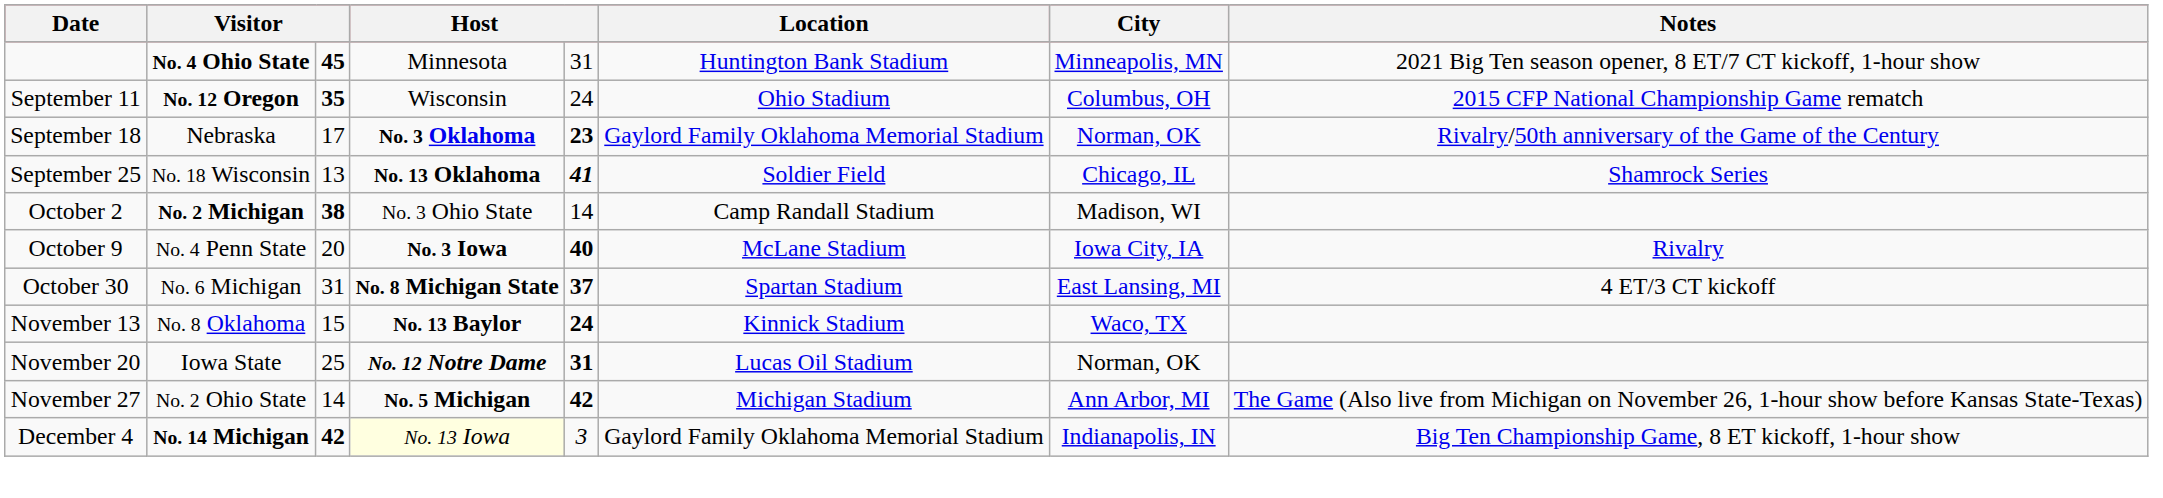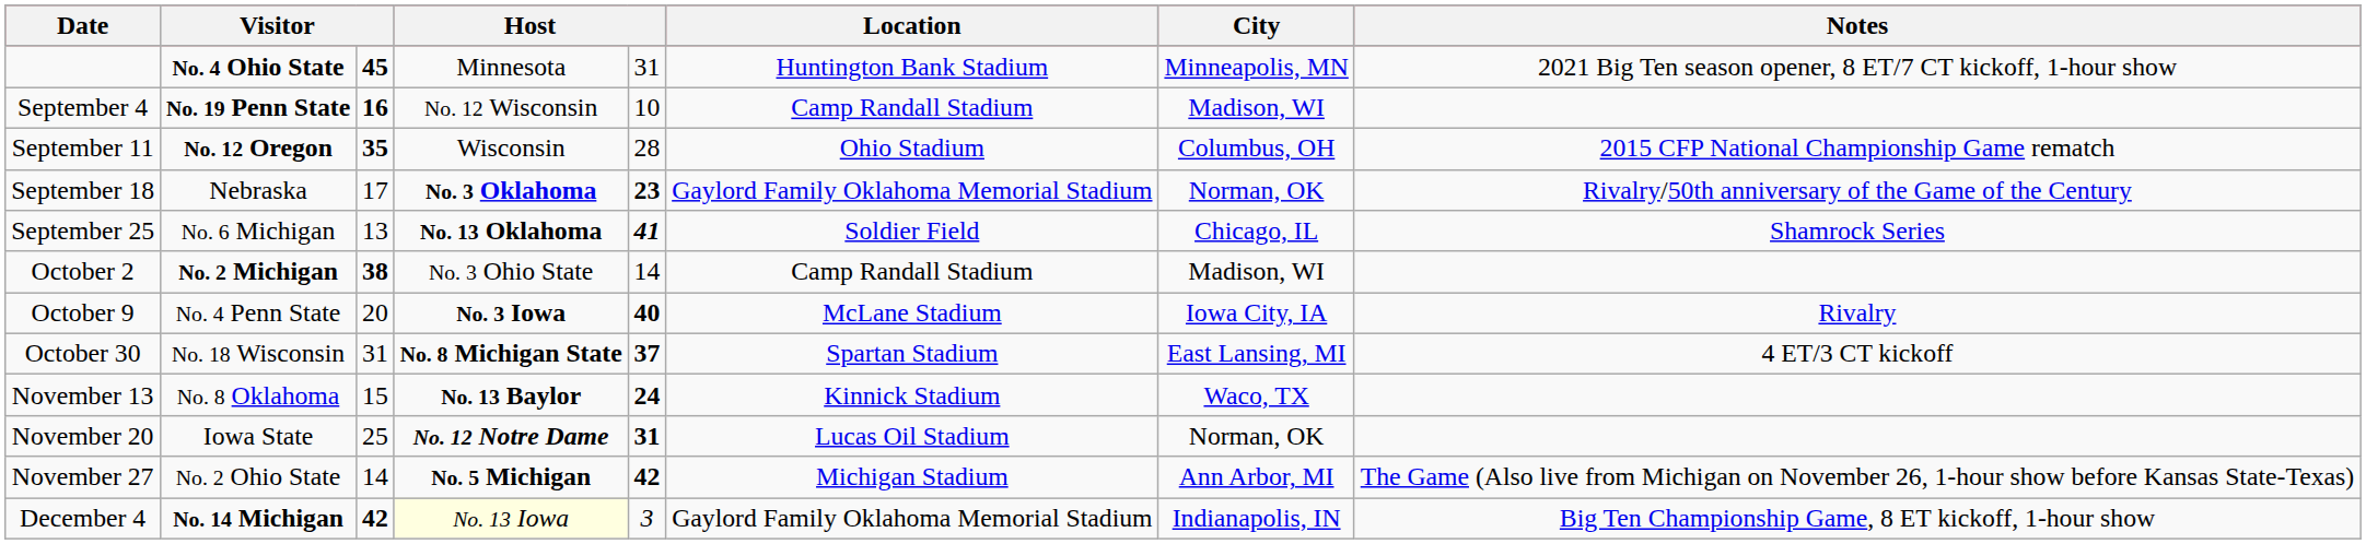 <table class="wikitable" style="text-align:center">
 <tr style="background:#A32638;"|>
 <th>Date</th>
 <th colspan=2>Visitor</th>
 <th colspan=2>Host</th>
 <th>Location</th>
 <th>City</th>
 <th>Notes</th>
 </tr>
 <tr>
 <td></td>
 <td><strong><small>No. 4</small> Ohio State</strong></td>
 <td><strong>45</strong></td>
 <td>Minnesota</td>
 <td>31</td>
 <td><a href='#'>Huntington Bank Stadium</a></td>
 <td><a href='#'>Minneapolis, MN</a></td>
 <td>2021 Big Ten season opener, 8 ET/7 CT  kickoff, 1-hour show</td>
 </tr>
 <tr>
+<td>September 4</td>
+<td><strong><small>No. 19</small> Penn State</strong></td>
+<td><strong>16</strong></td>
+<td><small>No. 12</small> Wisconsin</td>
+<td>10</td>
+<td><a href='#'>Camp Randall Stadium</a></td>
+<td><a href='#'>Madison, WI</a></td>
+<td></td>
+</tr>
+<tr>
 <td>September 11</td>
 <td><strong><small>No. 12</small> Oregon</strong></td>
 <td><strong>35</strong></td>
 <td>Wisconsin</td>
-<td>24</td>
+<td>28</td>
 <td><a href='#'>Ohio Stadium</a></td>
 <td><a href='#'>Columbus, OH</a></td>
 <td><a href='#'>2015 CFP National Championship Game</a> rematch</td>
 </tr>
 <tr>
 <td>September 18</td>
 <td>Nebraska</td>
 <td>17</td>
 <td><strong><small>No. 3</small> <a href='#'><span>Oklahoma</span></a></strong></td>
 <td><strong>23</strong></td>
 <td><a href='#'>Gaylord Family Oklahoma Memorial Stadium</a></td>
 <td><a href='#'>Norman, OK</a></td>
 <td><a href='#'>Rivalry</a>/<a href='#'>50th anniversary of the Game of the Century</a></td>
 </tr>
 <tr>
 <td>September 25</td>
-<td><small>No. 18</small> Wisconsin</td>
+<td><small>No. 6</small> Michigan</td>
 <td>13</td>
 <td><strong><small>No. 13</small> Oklahoma</strong></td>
 <td><strong><em>41</em></strong></td>
 <td><a href='#'>Soldier Field</a></td>
 <td><a href='#'>Chicago, IL</a></td>
 <td><a href='#'>Shamrock Series</a></td>
 </tr>
 <tr>
 <td>October 2</td>
 <td><strong><small>No. 2</small> Michigan</strong></td>
 <td><strong>38</strong></td>
 <td><small>No. 3</small> Ohio State</td>
 <td>14</td>
 <td>Camp Randall Stadium</td>
 <td>Madison, WI</td>
 <td></td>
 </tr>
 <tr>
 <td>October 9</td>
 <td><small>No. 4</small> Penn State</td>
 <td>20</td>
 <td><strong><small>No. 3</small> Iowa</strong></td>
 <td><strong>40</strong></td>
 <td><a href='#'>McLane Stadium</a></td>
 <td><a href='#'>Iowa City, IA</a></td>
 <td><a href='#'>Rivalry</a></td>
 </tr>
 <tr>
 <td>October 30</td>
-<td><small>No. 6</small> Michigan</td>
+<td><small>No. 18</small> Wisconsin</td>
 <td>31</td>
 <td><strong><small>No. 8</small> Michigan State</strong></td>
 <td><strong>37</strong></td>
 <td><a href='#'>Spartan Stadium</a></td>
 <td><a href='#'>East Lansing, MI</a></td>
 <td>4 ET/3 CT kickoff</td>
 </tr>
 <tr>
 <td>November 13</td>
 <td><small>No. 8</small> <a href='#'><span>Oklahoma</span></a></td>
 <td>15</td>
 <td><strong><small>No. 13</small> Baylor</strong></td>
 <td><strong>24</strong></td>
 <td><a href='#'>Kinnick Stadium</a></td>
 <td><a href='#'>Waco, TX</a></td>
 <td></td>
 </tr>
 <tr>
 <td>November 20</td>
 <td>Iowa State</td>
 <td>25</td>
 <td><strong><em><small>No. 12</small> Notre Dame</em></strong></td>
 <td><strong>31</strong></td>
 <td><a href='#'>Lucas Oil Stadium</a></td>
 <td>Norman, OK</td>
 <td></td>
 </tr>
 <tr>
 <td>November 27</td>
 <td><small>No. 2</small> Ohio State</td>
 <td>14</td>
 <td><strong><small>No. 5</small> Michigan</strong></td>
 <td><strong>42</strong></td>
 <td><a href='#'>Michigan Stadium</a></td>
 <td><a href='#'>Ann Arbor, MI</a></td>
 <td><a href='#'>The Game</a> (Also live from Michigan on November 26, 1-hour show before Kansas State-Texas)</td>
 </tr>
 <tr>
 <td>December 4</td>
 <td><strong><small>No. 14</small> Michigan</strong></td>
 <td><strong>42</strong></td>
 <td style="background: lightyellow;"><em><small>No. 13</small> Iowa</em></td>
 <td><em>3</em></td>
 <td>Gaylord Family Oklahoma Memorial Stadium</td>
 <td><a href='#'>Indianapolis, IN</a></td>
 <td><a href='#'>Big Ten Championship Game</a>, 8 ET kickoff, 1-hour show</td>
 </tr>
 </table>
